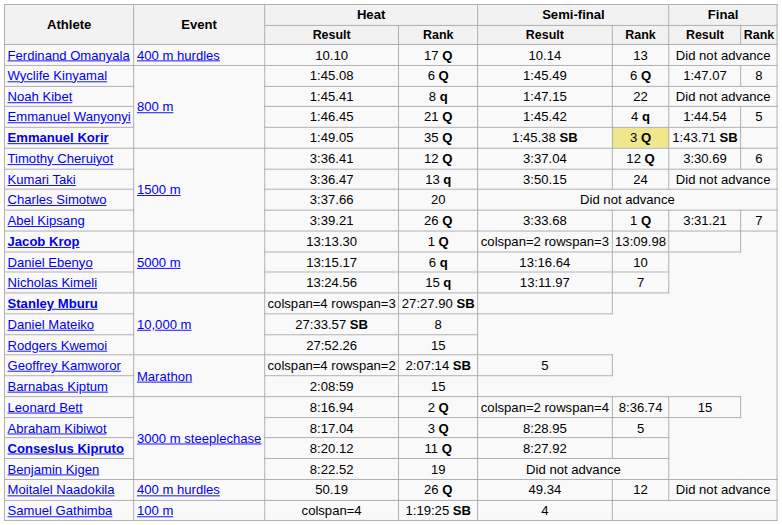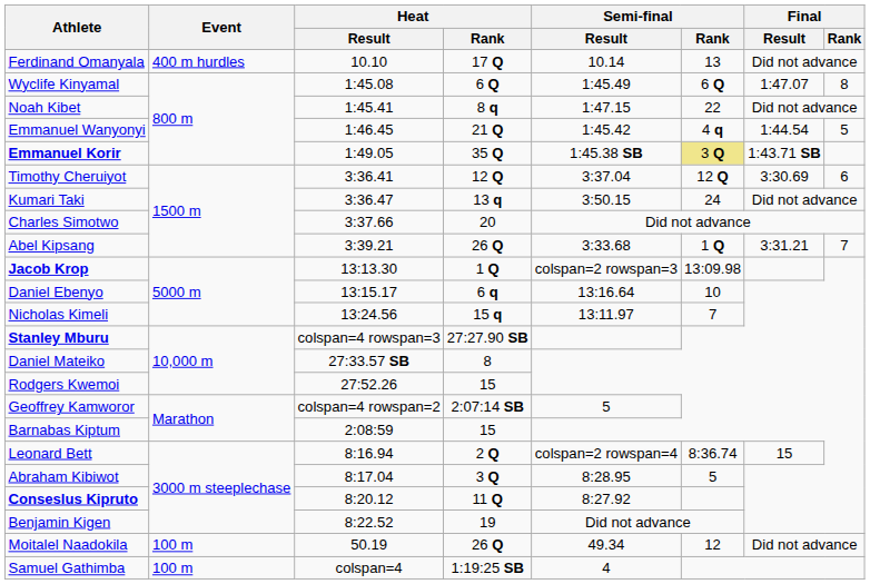 <table class="wikitable" style="font-size:90%">
 <tr>
 <th rowspan="2">Athlete</th>
 <th rowspan="2">Event</th>
 <th colspan="2">Heat</th>
 <th colspan="2">Semi-final</th>
 <th colspan="2">Final</th>
 </tr>
 <tr style="font-size:95%">
 <th>Result</th>
 <th>Rank</th>
 <th>Result</th>
 <th>Rank</th>
 <th>Result</th>
 <th>Rank</th>
 </tr>
 <tr align=center>
 <td align=left><a href='#'>Ferdinand Omanyala</a></td>
 <td align=left><a href='#'>400 m hurdles</a></td>
 <td>10.10</td>
 <td>17 <strong>Q</strong></td>
 <td>10.14</td>
 <td>13</td>
 <td colspan="2">Did not advance</td>
 </tr>
 <tr align=center>
 <td align=left><a href='#'>Wyclife Kinyamal</a></td>
 <td align=left rowspan=4><a href='#'>800 m</a></td>
 <td>1:45.08</td>
 <td>6 <strong>Q</strong></td>
 <td>1:45.49</td>
 <td>6 <strong>Q</strong></td>
 <td>1:47.07</td>
 <td>8</td>
 </tr>
 <tr align=center>
 <td align=left><a href='#'>Noah Kibet</a></td>
 <td>1:45.41</td>
 <td>8 <strong>q</strong></td>
 <td>1:47.15</td>
 <td>22</td>
 <td colspan="2">Did not advance</td>
 </tr>
 <tr align=center>
 <td align=left><a href='#'>Emmanuel Wanyonyi</a></td>
 <td>1:46.45</td>
 <td>21 <strong>Q</strong></td>
 <td>1:45.42</td>
 <td>4 <strong>q</strong></td>
 <td>1:44.54</td>
 <td>5</td>
 </tr>
 <tr align=center>
 <td align=left><strong><a href='#'>Emmanuel Korir</a></strong></td>
 <td>1:49.05</td>
 <td>35 <strong>Q</strong></td>
 <td>1:45.38 <strong>SB</strong></td>
 <td style="background: khaki;">3 <strong>Q</strong></td>
 <td>1:43.71 <strong>SB</strong></td>
 <td></td>
 </tr>
 <tr align=center>
 <td align=left><a href='#'>Timothy Cheruiyot</a></td>
 <td align=left rowspan=4><a href='#'>1500 m</a></td>
 <td>3:36.41</td>
 <td>12 <strong>Q</strong></td>
 <td>3:37.04</td>
 <td>12 <strong>Q</strong></td>
 <td>3:30.69</td>
 <td>6</td>
 </tr>
 <tr align=center>
 <td align=left><a href='#'>Kumari Taki</a></td>
 <td>3:36.47</td>
 <td>13 <strong>q</strong></td>
 <td>3:50.15</td>
 <td>24</td>
 <td colspan="2">Did not advance</td>
 </tr>
 <tr align=center>
 <td align=left><a href='#'>Charles Simotwo</a></td>
 <td>3:37.66</td>
 <td>20</td>
 <td colspan="4">Did not advance</td>
 </tr>
 <tr align=center>
 <td align=left><a href='#'>Abel Kipsang</a></td>
 <td>3:39.21</td>
 <td>26 <strong>Q</strong></td>
 <td>3:33.68</td>
 <td>1 <strong>Q</strong></td>
 <td>3:31.21</td>
 <td>7</td>
 </tr>
 <tr align=center>
 <td align=left><strong><a href='#'>Jacob Krop</a></strong></td>
 <td align=left rowspan=3><a href='#'>5000 m</a></td>
 <td>13:13.30</td>
 <td>1 <strong>Q</strong></td>
 <td>colspan=2 rowspan=3 </td>
 <td>13:09.98</td>
 <td></td>
 </tr>
 <tr align=center>
 <td align=left><a href='#'>Daniel Ebenyo</a></td>
 <td>13:15.17</td>
 <td>6 <strong>q</strong></td>
 <td>13:16.64</td>
 <td>10</td>
 </tr>
 <tr align=center>
 <td align=left><a href='#'>Nicholas Kimeli</a></td>
 <td>13:24.56</td>
 <td>15 <strong>q</strong></td>
 <td>13:11.97</td>
 <td>7</td>
 </tr>
 <tr align=center>
 <td align=left><strong><a href='#'>Stanley Mburu</a></strong></td>
 <td align=left rowspan=3><a href='#'>10,000 m</a></td>
 <td>colspan=4 rowspan=3 </td>
 <td>27:27.90 <strong>SB</strong></td>
 <td></td>
 </tr>
 <tr align=center>
 <td align=left><a href='#'>Daniel Mateiko</a></td>
 <td>27:33.57 <strong>SB</strong></td>
 <td>8</td>
 </tr>
 <tr align=center>
 <td align=left><a href='#'>Rodgers Kwemoi</a></td>
 <td>27:52.26</td>
 <td>15</td>
 </tr>
 <tr align=center>
 <td align=left><a href='#'>Geoffrey Kamworor</a></td>
 <td align=left rowspan=2><a href='#'>Marathon</a></td>
 <td>colspan=4 rowspan=2 </td>
 <td>2:07:14 <strong>SB</strong></td>
 <td>5</td>
 </tr>
 <tr align=center>
 <td align=left><a href='#'>Barnabas Kiptum</a></td>
 <td>2:08:59</td>
 <td>15</td>
 </tr>
 <tr align=center>
 <td align=left><a href='#'>Leonard Bett</a></td>
 <td align=left rowspan=4><a href='#'>3000 m steeplechase</a></td>
 <td>8:16.94</td>
 <td>2 <strong>Q</strong></td>
 <td>colspan=2 rowspan=4 </td>
 <td>8:36.74</td>
 <td>15</td>
 </tr>
 <tr align=center>
 <td align=left><a href='#'>Abraham Kibiwot</a></td>
 <td>8:17.04</td>
 <td>3 <strong>Q</strong></td>
 <td>8:28.95</td>
 <td>5</td>
 </tr>
 <tr align=center>
 <td align=left><strong><a href='#'>Conseslus Kipruto</a></strong></td>
 <td>8:20.12</td>
 <td>11 <strong>Q</strong></td>
 <td>8:27.92</td>
 <td></td>
 </tr>
 <tr align=center>
 <td align=left><a href='#'>Benjamin Kigen</a></td>
 <td>8:22.52</td>
 <td>19</td>
 <td colspan="2">Did not advance</td>
 </tr>
 <tr align=center>
 <td align=left><a href='#'>Moitalel Naadokila</a></td>
-<td align=left><a href='#'>400 m hurdles</a></td>
+<td align=left><a href='#'>100 m</a></td>
 <td>50.19</td>
 <td>26 <strong>Q</strong></td>
 <td>49.34</td>
 <td>12</td>
 <td colspan="2">Did not advance</td>
 </tr>
 <tr align=center>
 <td align=left><a href='#'>Samuel Gathimba</a></td>
 <td align=left><a href='#'>100 m</a></td>
 <td>colspan=4 </td>
 <td>1:19:25 <strong>SB</strong></td>
 <td>4</td>
 </tr>
 </table>
